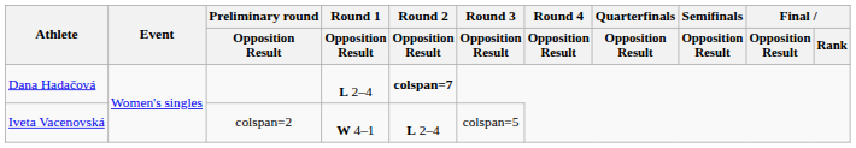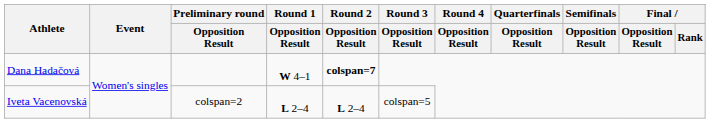 <table class="wikitable" style="font-size:90%">
 <tr>
 <th rowspan="2">Athlete</th>
 <th rowspan="2">Event</th>
 <th>Preliminary round</th>
 <th>Round 1</th>
 <th>Round 2</th>
 <th>Round 3</th>
 <th>Round 4</th>
 <th>Quarterfinals</th>
 <th>Semifinals</th>
 <th colspan=2>Final / </th>
 </tr>
 <tr style="font-size:95%">
 <th>Opposition<br>Result</th>
 <th>Opposition<br>Result</th>
 <th>Opposition<br>Result</th>
 <th>Opposition<br>Result</th>
 <th>Opposition<br>Result</th>
 <th>Opposition<br>Result</th>
 <th>Opposition<br>Result</th>
 <th>Opposition<br>Result</th>
 <th>Rank</th>
 </tr>
 <tr align=center>
 <td align=left><a href='#'>Dana Hadačová</a></td>
 <td align=left rowspan=2><a href='#'>Women's singles</a></td>
 <td></td>
-<td><br><strong>L</strong> 2–4</td>
+<td><br><strong>W</strong> 4–1</td>
 <td><strong>colspan=7 </strong></td>
 </tr>
 <tr align=center>
 <td align=left><a href='#'>Iveta Vacenovská</a></td>
 <td>colspan=2 </td>
-<td><br><strong>W</strong> 4–1</td>
+<td><br><strong>L</strong> 2–4</td>
 <td><br><strong>L</strong> 2–4</td>
 <td>colspan=5 </td>
 </tr>
 </table>
